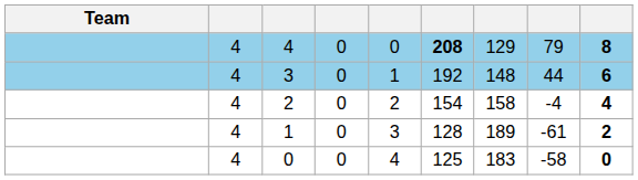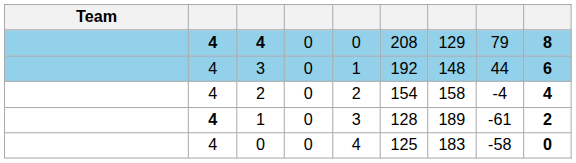 <table class=wikitable style="text-align:center">
 <tr>
 <th width=175>Team</th>
 <th width=40></th>
 <th width=40></th>
 <th width=40></th>
 <th width=40></th>
 <th width=40></th>
 <th width=40></th>
 <th width=40></th>
 <th width=40></th>
 </tr>
 <tr style="background:#93d0ea">
 <td align=left></td>
-<td>4</td>
-<td>4</td>
+<td><strong>4</strong></td>
+<td><strong>4</strong></td>
 <td>0</td>
 <td>0</td>
-<td><strong>208</strong></td>
+<td>208</td>
 <td>129</td>
 <td>79</td>
 <td><strong>8</strong></td>
 </tr>
 <tr style="background:#93d0ea">
 <td align=left></td>
 <td>4</td>
 <td>3</td>
 <td>0</td>
 <td>1</td>
 <td>192</td>
 <td>148</td>
 <td>44</td>
 <td><strong>6</strong></td>
 </tr>
 <tr style="background:white;">
 <td align=left></td>
 <td>4</td>
 <td>2</td>
 <td>0</td>
 <td>2</td>
 <td>154</td>
 <td>158</td>
 <td>-4</td>
 <td><strong>4</strong></td>
 </tr>
 <tr style="background:white;">
 <td align=left></td>
-<td>4</td>
+<td><strong>4</strong></td>
 <td>1</td>
 <td>0</td>
 <td>3</td>
 <td>128</td>
 <td>189</td>
 <td>-61</td>
 <td><strong>2</strong></td>
 </tr>
 <tr style="background:white;">
 <td align=left></td>
 <td>4</td>
 <td>0</td>
 <td>0</td>
 <td>4</td>
 <td>125</td>
 <td>183</td>
 <td>-58</td>
 <td><strong>0</strong></td>
 </tr>
 </table>
